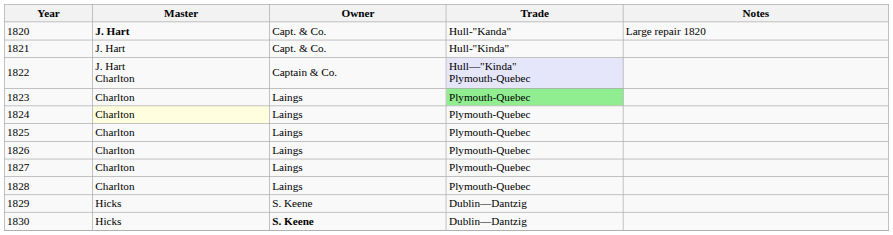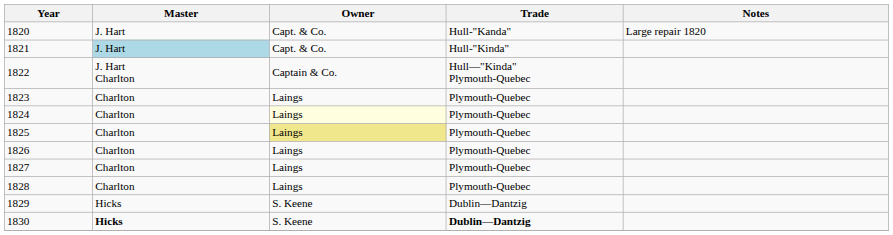 <table class="wikitable" style="width:100%">
 <tr style="vertical-align:top">
 <th style="width:10%">Year</th>
 <th style="width:20%">Master</th>
 <th style="width:20%">Owner</th>
 <th style="width:20%">Trade</th>
 <th style="width:30%">Notes</th>
 </tr>
 <tr>
 <td>1820</td>
-<td><strong>J. Hart</strong></td>
+<td>J. Hart</td>
 <td>Capt. & Co.</td>
 <td>Hull-"Kanda"</td>
 <td>Large repair 1820</td>
 </tr>
 <tr>
 <td>1821</td>
-<td>J. Hart</td>
+<td style="background: lightblue;">J. Hart</td>
 <td>Capt. & Co.</td>
 <td>Hull-"Kinda"</td>
 <td></td>
 </tr>
 <tr>
 <td>1822</td>
 <td>J. Hart<br>Charlton</td>
 <td>Captain & Co.</td>
-<td style="background: lavender;">Hull—"Kinda"<br>Plymouth-Quebec</td>
+<td>Hull—"Kinda"<br>Plymouth-Quebec</td>
 <td></td>
 </tr>
 <tr>
 <td>1823</td>
 <td>Charlton</td>
 <td>Laings</td>
-<td style="background: lightgreen;">Plymouth-Quebec</td>
+<td>Plymouth-Quebec</td>
 <td></td>
 </tr>
 <tr>
 <td>1824</td>
-<td style="background: lightyellow;">Charlton</td>
-<td>Laings</td>
+<td>Charlton</td>
+<td style="background: lightyellow;">Laings</td>
 <td>Plymouth-Quebec</td>
 <td></td>
 </tr>
 <tr>
 <td>1825</td>
 <td>Charlton</td>
-<td>Laings</td>
+<td style="background: khaki;">Laings</td>
 <td>Plymouth-Quebec</td>
 <td></td>
 </tr>
 <tr>
 <td>1826</td>
 <td>Charlton</td>
 <td>Laings</td>
 <td>Plymouth-Quebec</td>
 <td></td>
 </tr>
 <tr>
 <td>1827</td>
 <td>Charlton</td>
 <td>Laings</td>
 <td>Plymouth-Quebec</td>
 <td></td>
 </tr>
 <tr>
 <td>1828</td>
 <td>Charlton</td>
 <td>Laings</td>
 <td>Plymouth-Quebec</td>
 <td></td>
 </tr>
 <tr>
 <td>1829</td>
 <td>Hicks</td>
 <td>S. Keene</td>
 <td>Dublin—Dantzig</td>
 <td></td>
 </tr>
 <tr>
 <td>1830</td>
-<td>Hicks</td>
-<td><strong>S. Keene</strong></td>
-<td>Dublin—Dantzig</td>
+<td><strong>Hicks</strong></td>
+<td>S. Keene</td>
+<td><strong>Dublin—Dantzig</strong></td>
 <td></td>
 </tr>
 <tr>
 </tr>
 </table>
